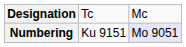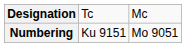 <table class="wikitable">
 <tr>
 <th>Designation</th>
 <td>Tc</td>
 <td>Mc</td>
 </tr>
 <tr>
 <th>Numbering</th>
 <td>Ku 9151</td>
-<td style="background: lavender;">Mo 9051</td>
+<td>Mo 9051</td>
 </tr>
 </table>
